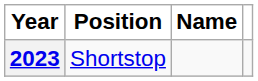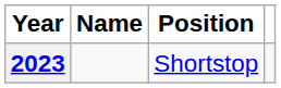 <table class="wikitable sortable plainrowheaders" style="text-align:center">
 <tr>
 <th scope="col" style="background-color:#ffffff; border-top:#">Year</th>
+<th scope="col" style="background-color:#ffffff; border-top:#">Name</th>
 <th scope="col" style="background-color:#ffffff; border-top:#">Position</th>
-<th scope="col" style="background-color:#ffffff; border-top:#">Name</th>
 <th scope="col" class="unsortable" style="background-color:#ffffff; border-top:#"></th>
 </tr>
 <tr>
 <th scope="row" style="text-align:center"><a href='#'>2023</a></th>
+<td></td>
 <td><a href='#'>Shortstop</a></td>
-<td></td>
 <td></td>
 </tr>
 </table>
